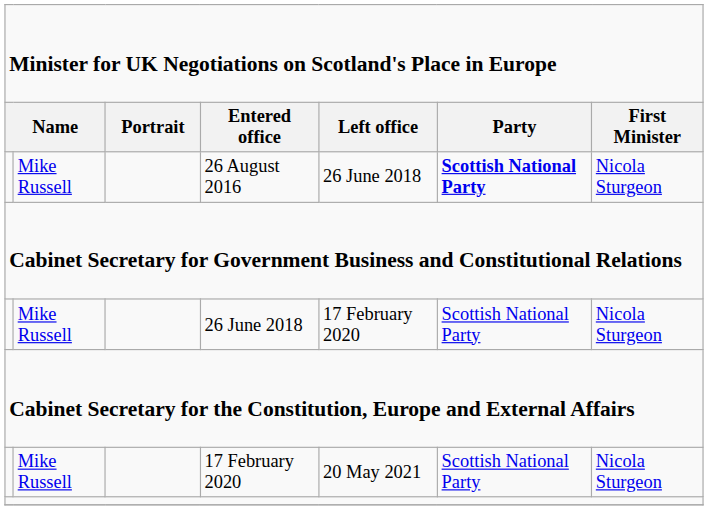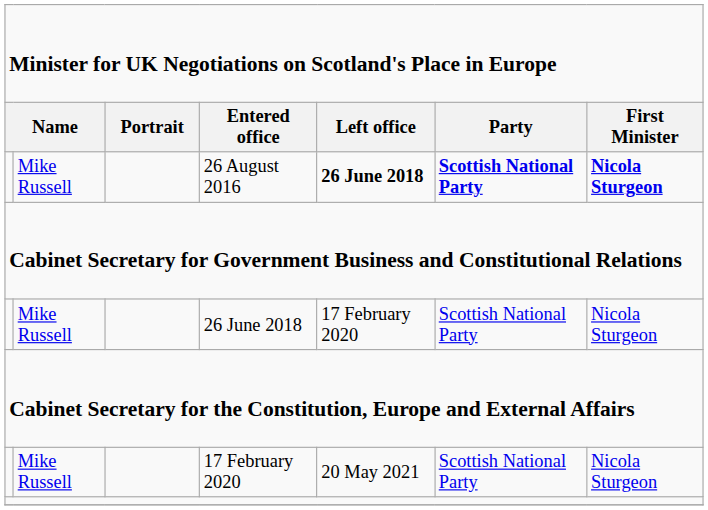 <table class="wikitable" style="margin: 0 0 0 1em; background: #f9f9f9; border: 1px #aaaaaa solid; border-collapse: collapse; ">
 <tr>
 <td colspan="7"><br><h3>Minister for UK Negotiations on Scotland's Place in Europe</h3></td>
 </tr>
 <tr>
 <th colspan="2">Name</th>
 <th width=75>Portrait</th>
 <th>Entered office</th>
 <th>Left office</th>
 <th>Party</th>
 <th>First Minister</th>
 </tr>
 <tr>
 <td></td>
 <td><a href='#'>Mike Russell</a></td>
 <td></td>
 <td>26 August 2016</td>
-<td>26 June 2018</td>
+<td><strong>26 June 2018</strong></td>
 <td><strong><a href='#'>Scottish National Party</a></strong></td>
-<td><a href='#'>Nicola Sturgeon</a></td>
+<td><strong><a href='#'>Nicola Sturgeon</a></strong></td>
 </tr>
 <tr>
 <td colspan="7"><br><h3>Cabinet Secretary for Government Business and Constitutional Relations</h3></td>
 </tr>
 <tr>
 <td></td>
 <td><a href='#'>Mike Russell</a></td>
 <td></td>
 <td>26 June 2018</td>
 <td>17 February 2020</td>
 <td><a href='#'>Scottish National Party</a></td>
 <td><a href='#'>Nicola Sturgeon</a></td>
 </tr>
 <tr>
 <td colspan="7"><br><h3>Cabinet Secretary for the Constitution, Europe and External Affairs</h3></td>
 </tr>
 <tr>
 <td></td>
 <td><a href='#'>Mike Russell</a></td>
 <td></td>
 <td>17 February 2020</td>
 <td>20 May 2021</td>
 <td><a href='#'>Scottish National Party</a></td>
 <td><a href='#'>Nicola Sturgeon</a></td>
 </tr>
 <tr>
 <td colspan="7"></td>
 </tr>
 <tr>
 </tr>
 </table>
